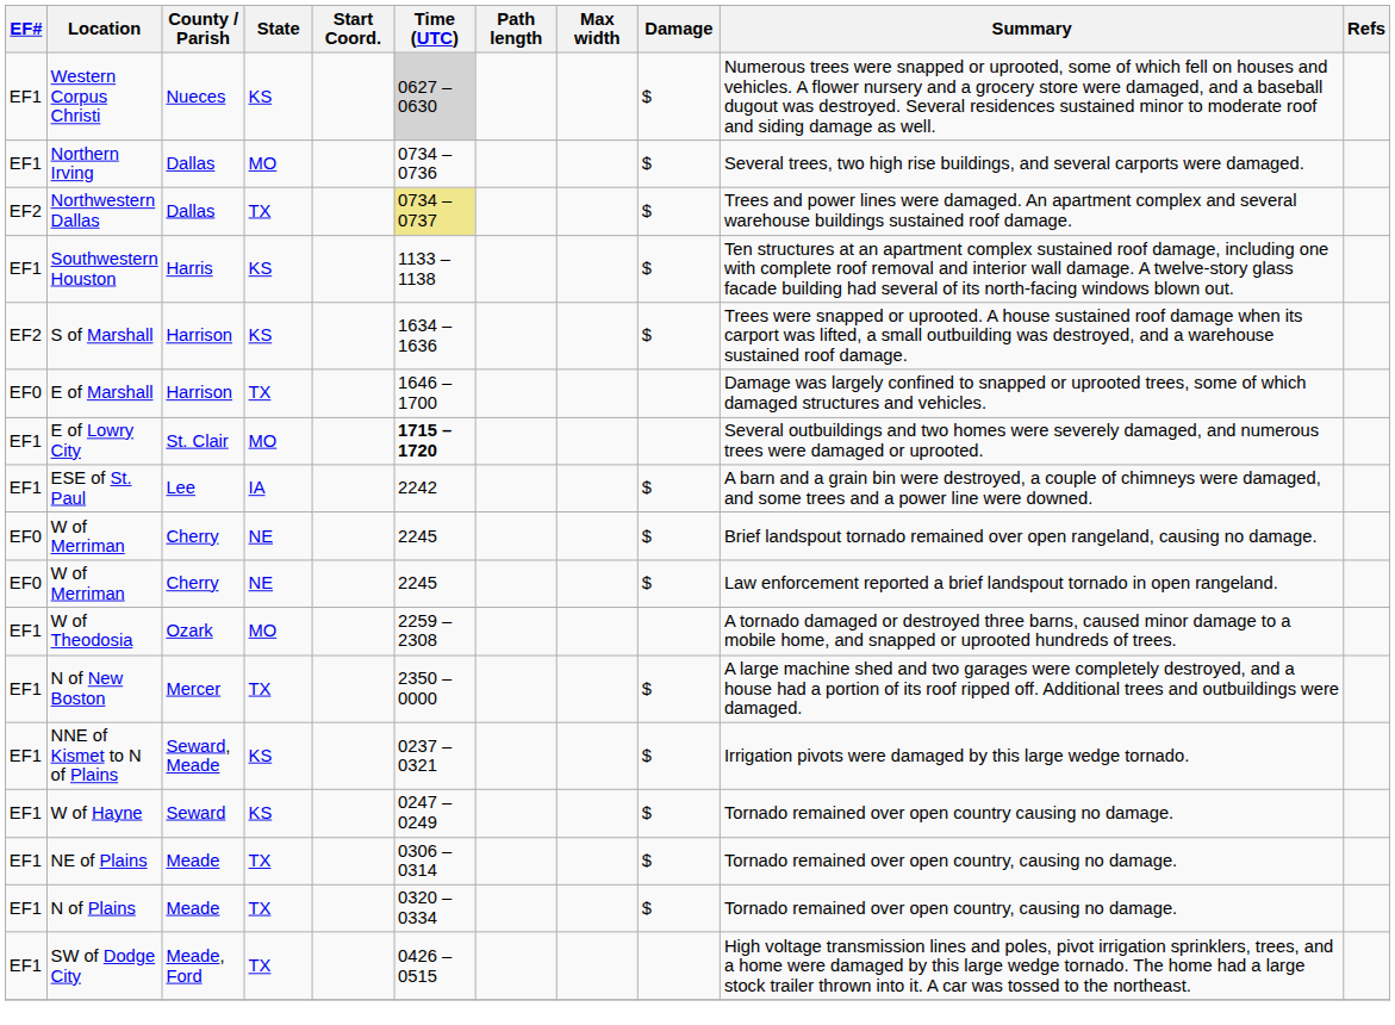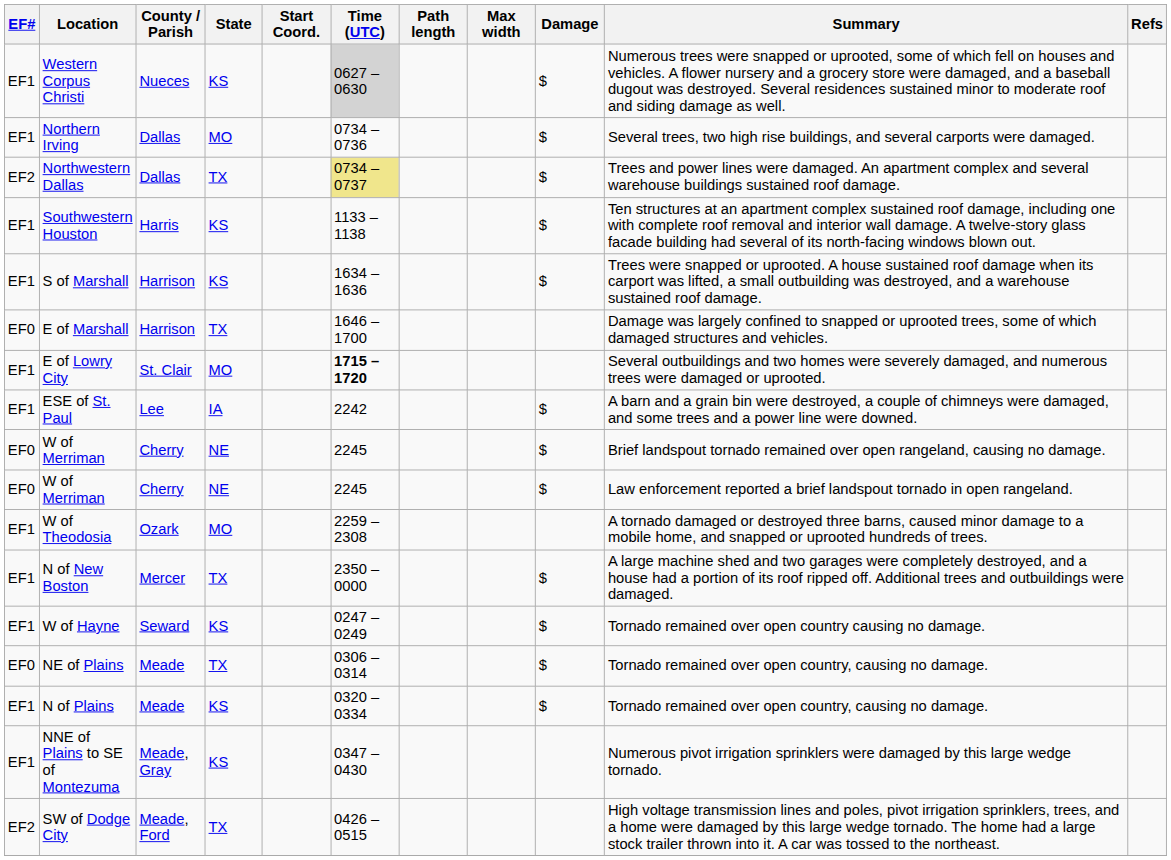 <table class="wikitable sortable" style="width:100%;">
 <tr>
 <th scope="col" width="3%" align="center"><a href='#'>EF#</a></th>
 <th scope="col" width="7%" align="center" class="unsortable">Location</th>
 <th scope="col" width="6%" align="center" class="unsortable">County / Parish</th>
 <th scope="col" width="5%" align="center">State</th>
 <th scope="col" width="6%" align="center">Start Coord.</th>
 <th scope="col" width="6%" align="center">Time (<a href='#'>UTC</a>)</th>
 <th scope="col" width="6%" align="center">Path length</th>
 <th scope="col" width="6%" align="center">Max width</th>
 <th scope="col" width="6%" align="center">Damage</th>
 <th scope="col" width="48%" class="unsortable" align="center">Summary</th>
 <th scope="col" width="48%" class="unsortable" align="center">Refs</th>
 </tr>
 <tr>
 <td>EF1</td>
 <td><a href='#'>Western Corpus Christi</a></td>
 <td><a href='#'>Nueces</a></td>
 <td><a href='#'>KS</a></td>
 <td></td>
 <td style="background: lightgrey;">0627 – 0630</td>
 <td></td>
 <td></td>
 <td>$</td>
 <td>Numerous trees were snapped or uprooted, some of which fell on houses and vehicles. A flower nursery and a grocery store were damaged, and a baseball dugout was destroyed. Several residences sustained minor to moderate roof and siding damage as well.</td>
 <td></td>
 </tr>
 <tr>
 <td>EF1</td>
 <td><a href='#'>Northern Irving</a></td>
 <td><a href='#'>Dallas</a></td>
 <td><a href='#'>MO</a></td>
 <td></td>
 <td>0734 – 0736</td>
 <td></td>
 <td></td>
 <td>$</td>
 <td>Several trees, two high rise buildings, and several carports were damaged.</td>
 <td></td>
 </tr>
 <tr>
 <td>EF2</td>
 <td><a href='#'>Northwestern Dallas</a></td>
 <td><a href='#'>Dallas</a></td>
 <td><a href='#'>TX</a></td>
 <td></td>
 <td style="background: khaki;">0734 – 0737</td>
 <td></td>
 <td></td>
 <td>$</td>
 <td>Trees and power lines were damaged. An apartment complex and several warehouse buildings sustained roof damage.</td>
 <td></td>
 </tr>
 <tr>
 <td>EF1</td>
 <td><a href='#'>Southwestern Houston</a></td>
 <td><a href='#'>Harris</a></td>
 <td><a href='#'>KS</a></td>
 <td></td>
 <td>1133 – 1138</td>
 <td></td>
 <td></td>
 <td>$</td>
 <td>Ten structures at an apartment complex sustained roof damage, including one with complete roof removal and interior wall damage. A twelve-story glass facade building had several of its north-facing windows blown out.</td>
 <td></td>
 </tr>
 <tr>
-<td>EF2</td>
+<td>EF1</td>
 <td>S of <a href='#'>Marshall</a></td>
 <td><a href='#'>Harrison</a></td>
 <td><a href='#'>KS</a></td>
 <td></td>
 <td>1634 – 1636</td>
 <td></td>
 <td></td>
 <td>$</td>
 <td>Trees were snapped or uprooted. A house sustained roof damage when its carport was lifted, a small outbuilding was destroyed, and a warehouse sustained roof damage.</td>
 <td></td>
 </tr>
 <tr>
 <td>EF0</td>
 <td>E of <a href='#'>Marshall</a></td>
 <td><a href='#'>Harrison</a></td>
 <td><a href='#'>TX</a></td>
 <td></td>
 <td>1646 – 1700</td>
 <td></td>
 <td></td>
 <td></td>
 <td>Damage was largely confined to snapped or uprooted trees, some of which damaged structures and vehicles.</td>
 <td></td>
 </tr>
 <tr>
 <td>EF1</td>
 <td>E of <a href='#'>Lowry City</a></td>
 <td><a href='#'>St. Clair</a></td>
 <td><a href='#'>MO</a></td>
 <td></td>
 <td><strong>1715 – 1720</strong></td>
 <td></td>
 <td></td>
 <td></td>
 <td>Several outbuildings and two homes were severely damaged, and numerous trees were damaged or uprooted.</td>
 <td></td>
 </tr>
 <tr>
 <td>EF1</td>
 <td>ESE of <a href='#'>St. Paul</a></td>
 <td><a href='#'>Lee</a></td>
 <td><a href='#'>IA</a></td>
 <td></td>
 <td>2242</td>
 <td></td>
 <td></td>
 <td>$</td>
 <td>A barn and a grain bin were destroyed, a couple of chimneys were damaged, and some trees and a power line were downed.</td>
 <td></td>
 </tr>
 <tr>
 <td>EF0</td>
 <td>W of <a href='#'>Merriman</a></td>
 <td><a href='#'>Cherry</a></td>
 <td><a href='#'>NE</a></td>
 <td></td>
 <td>2245</td>
 <td></td>
 <td></td>
 <td>$</td>
 <td>Brief landspout tornado remained over open rangeland, causing no damage.</td>
 <td></td>
 </tr>
 <tr>
 <td>EF0</td>
 <td>W of <a href='#'>Merriman</a></td>
 <td><a href='#'>Cherry</a></td>
 <td><a href='#'>NE</a></td>
 <td></td>
 <td>2245</td>
 <td></td>
 <td></td>
 <td>$</td>
 <td>Law enforcement reported a brief landspout tornado in open rangeland.</td>
 <td></td>
 </tr>
 <tr>
 <td>EF1</td>
 <td>W of <a href='#'>Theodosia</a></td>
 <td><a href='#'>Ozark</a></td>
 <td><a href='#'>MO</a></td>
 <td></td>
 <td>2259 – 2308</td>
 <td></td>
 <td></td>
 <td></td>
 <td>A tornado damaged or destroyed three barns, caused minor damage to a mobile home, and snapped or uprooted hundreds of trees.</td>
 <td></td>
 </tr>
 <tr>
 <td>EF1</td>
 <td>N of <a href='#'>New Boston</a></td>
 <td><a href='#'>Mercer</a></td>
 <td><a href='#'>TX</a></td>
 <td></td>
 <td>2350 – 0000</td>
 <td></td>
 <td></td>
 <td>$</td>
 <td>A large machine shed and two garages were completely destroyed, and a house had a portion of its roof ripped off. Additional trees and outbuildings were damaged.</td>
 <td></td>
 </tr>
 <tr>
 <td>EF1</td>
-<td>NNE of <a href='#'>Kismet</a> to N of <a href='#'>Plains</a></td>
-<td><a href='#'>Seward</a>, <a href='#'>Meade</a></td>
-<td><a href='#'>KS</a></td>
-<td></td>
-<td>0237 – 0321</td>
-<td></td>
-<td></td>
-<td>$</td>
-<td>Irrigation pivots were damaged by this large wedge tornado.</td>
-<td></td>
-</tr>
-<tr>
-<td>EF1</td>
 <td>W of <a href='#'>Hayne</a></td>
 <td><a href='#'>Seward</a></td>
 <td><a href='#'>KS</a></td>
 <td></td>
 <td>0247 – 0249</td>
 <td></td>
 <td></td>
 <td>$</td>
 <td>Tornado remained over open country causing no damage.</td>
 <td></td>
 </tr>
 <tr>
-<td>EF1</td>
+<td>EF0</td>
 <td>NE of <a href='#'>Plains</a></td>
 <td><a href='#'>Meade</a></td>
 <td><a href='#'>TX</a></td>
 <td></td>
 <td>0306 – 0314</td>
 <td></td>
 <td></td>
 <td>$</td>
 <td>Tornado remained over open country, causing no damage.</td>
 <td></td>
 </tr>
 <tr>
 <td>EF1</td>
 <td>N of <a href='#'>Plains</a></td>
 <td><a href='#'>Meade</a></td>
-<td><a href='#'>TX</a></td>
+<td><a href='#'>KS</a></td>
 <td></td>
 <td>0320 – 0334</td>
 <td></td>
 <td></td>
 <td>$</td>
 <td>Tornado remained over open country, causing no damage.</td>
 <td></td>
 </tr>
 <tr>
 <td>EF1</td>
+<td>NNE of <a href='#'>Plains</a> to SE of <a href='#'>Montezuma</a></td>
+<td><a href='#'>Meade</a>, <a href='#'>Gray</a></td>
+<td><a href='#'>KS</a></td>
+<td></td>
+<td>0347 – 0430</td>
+<td></td>
+<td></td>
+<td></td>
+<td>Numerous pivot irrigation sprinklers were damaged by this large wedge tornado.</td>
+<td></td>
+</tr>
+<tr>
+<td>EF2</td>
 <td>SW of <a href='#'>Dodge City</a></td>
 <td><a href='#'>Meade</a>, <a href='#'>Ford</a></td>
 <td><a href='#'>TX</a></td>
 <td></td>
 <td>0426 – 0515</td>
 <td></td>
 <td></td>
 <td></td>
 <td>High voltage transmission lines and poles, pivot irrigation sprinklers, trees, and a home were damaged by this large wedge tornado. The home had a large stock trailer thrown into it. A car was tossed  to the northeast.</td>
 <td></td>
 </tr>
 <tr>
 </tr>
 </table>
